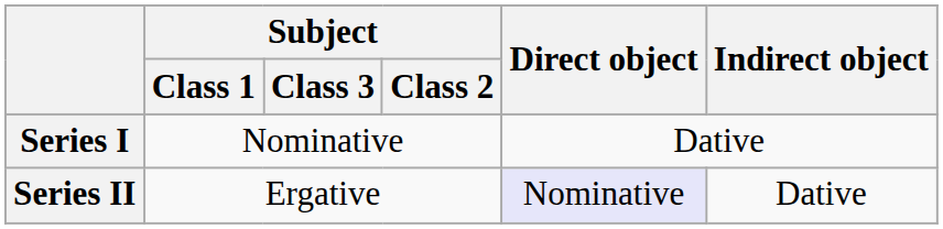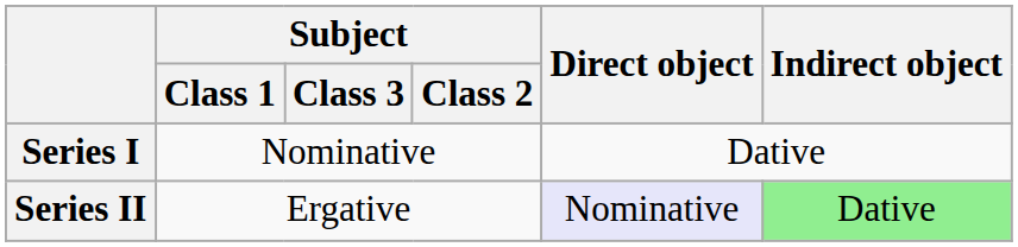 <table class="wikitable" style="text-align:center;white-space:nowrap">
 <tr>
 <th rowspan="2"></th>
 <th colspan="3">Subject</th>
 <th rowspan="2">Direct object</th>
 <th rowspan="2">Indirect object</th>
 </tr>
 <tr>
 <th>Class 1</th>
 <th>Class 3</th>
 <th>Class 2</th>
 </tr>
 <tr>
 <th>Series I</th>
 <td colspan="3">Nominative</td>
 <td colspan="2">Dative</td>
 </tr>
 <tr>
 <th>Series II</th>
 <td colspan="3">Ergative</td>
 <td style="background: lavender;">Nominative</td>
-<td>Dative</td>
+<td style="background: lightgreen;">Dative</td>
 </tr>
 </table>
